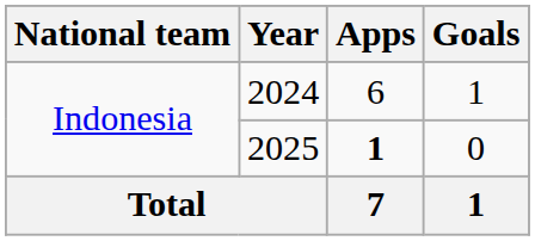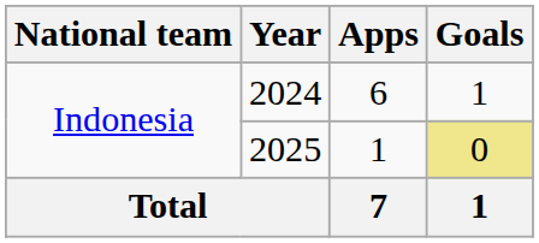 <table class="wikitable" style="text-align:center">
 <tr>
 <th>National team</th>
 <th>Year</th>
 <th>Apps</th>
 <th>Goals</th>
 </tr>
 <tr>
 <td rowspan="2"><a href='#'>Indonesia</a></td>
 <td>2024</td>
 <td>6</td>
 <td>1</td>
 </tr>
 <tr>
 <td>2025</td>
-<td><strong>1</strong></td>
-<td>0</td>
+<td>1</td>
+<td style="background: khaki;">0</td>
 </tr>
 <tr>
 <th colspan="2">Total</th>
 <th>7</th>
 <th>1</th>
 </tr>
 </table>
